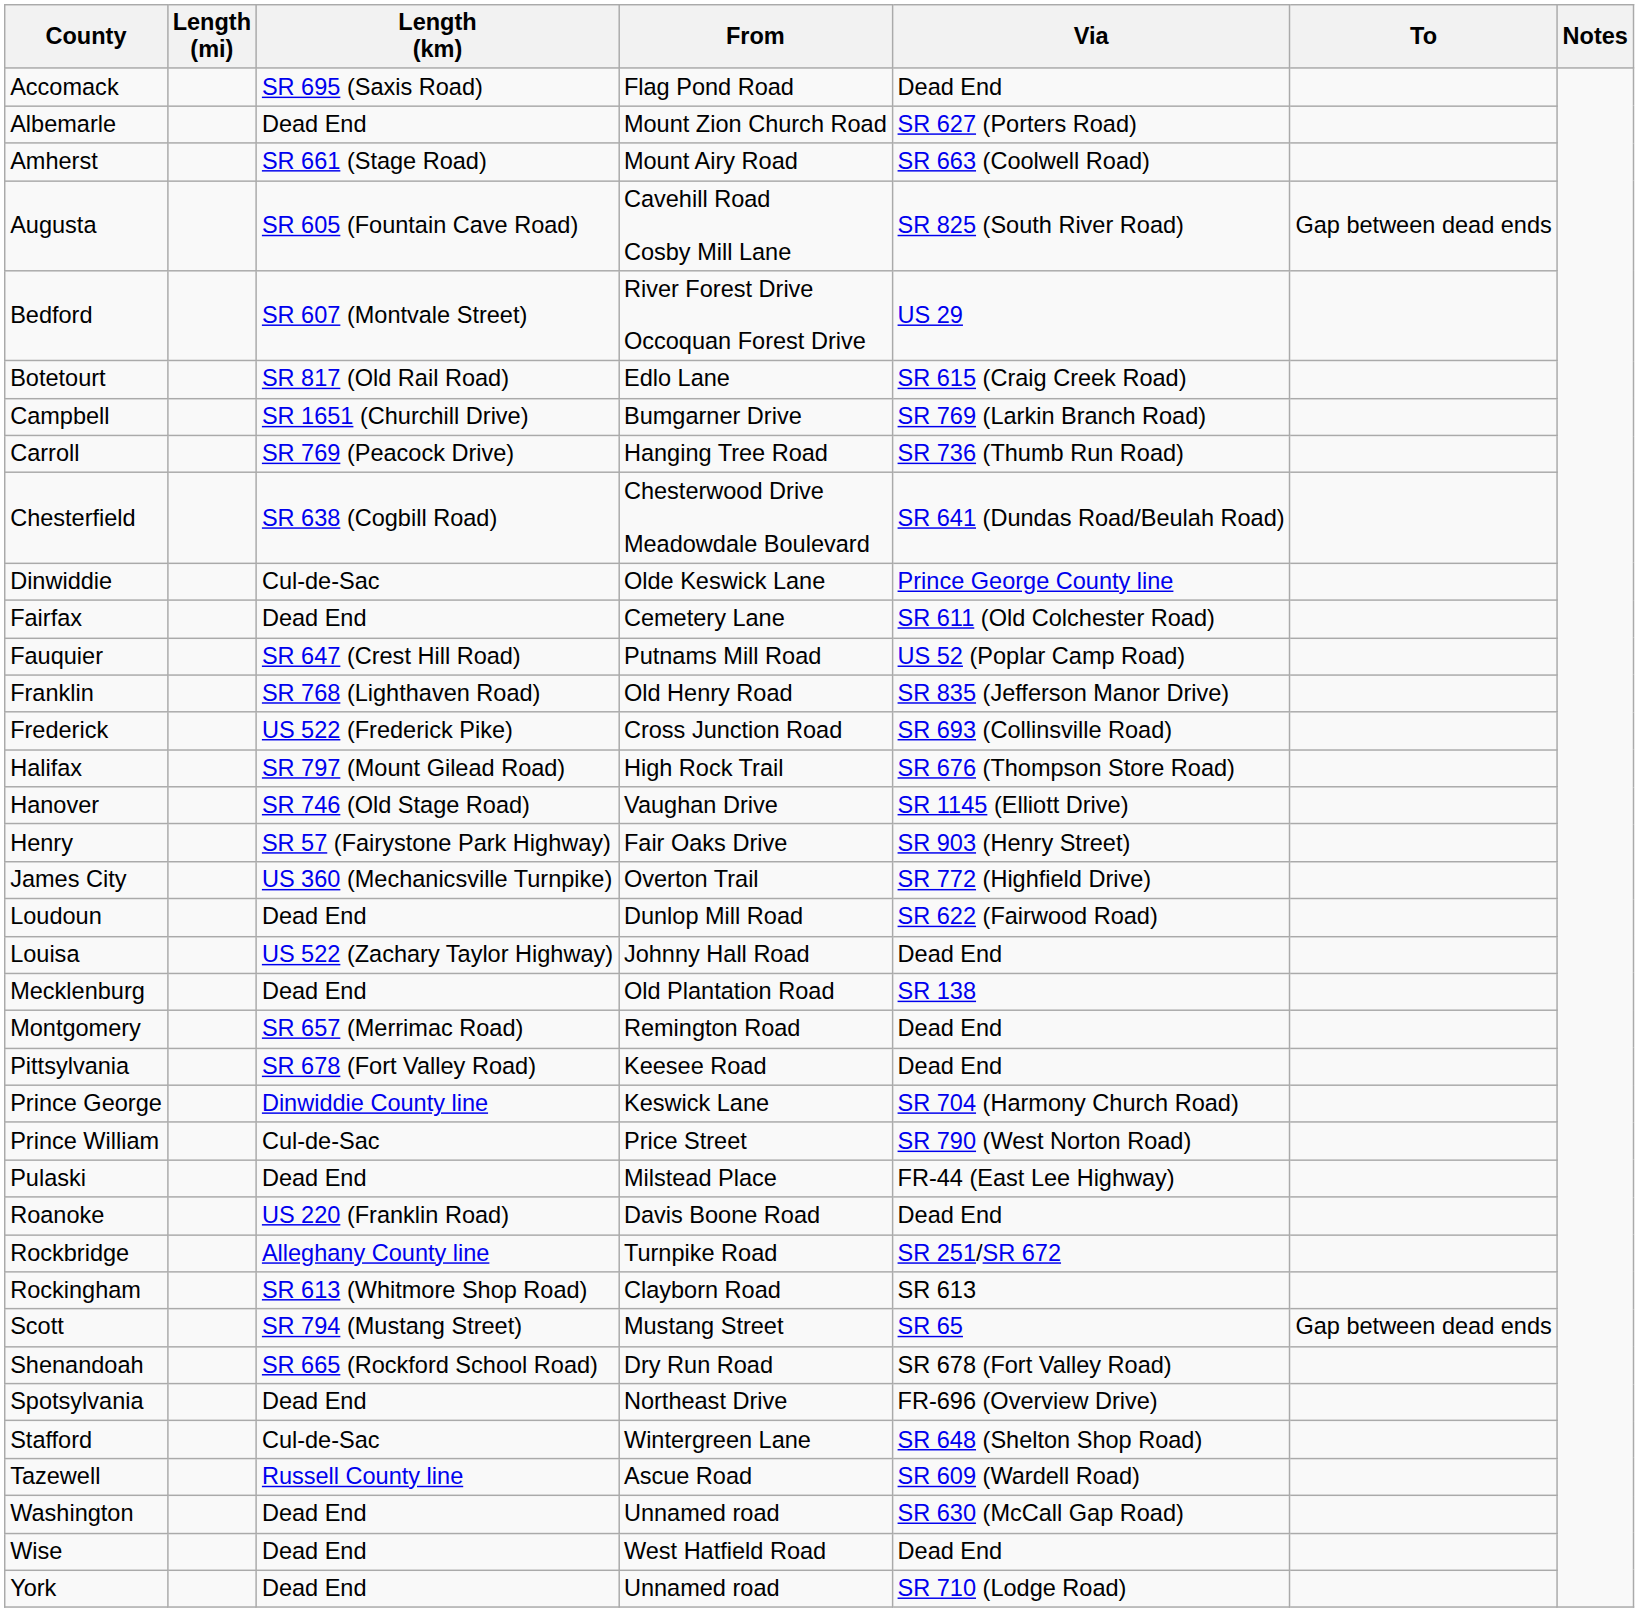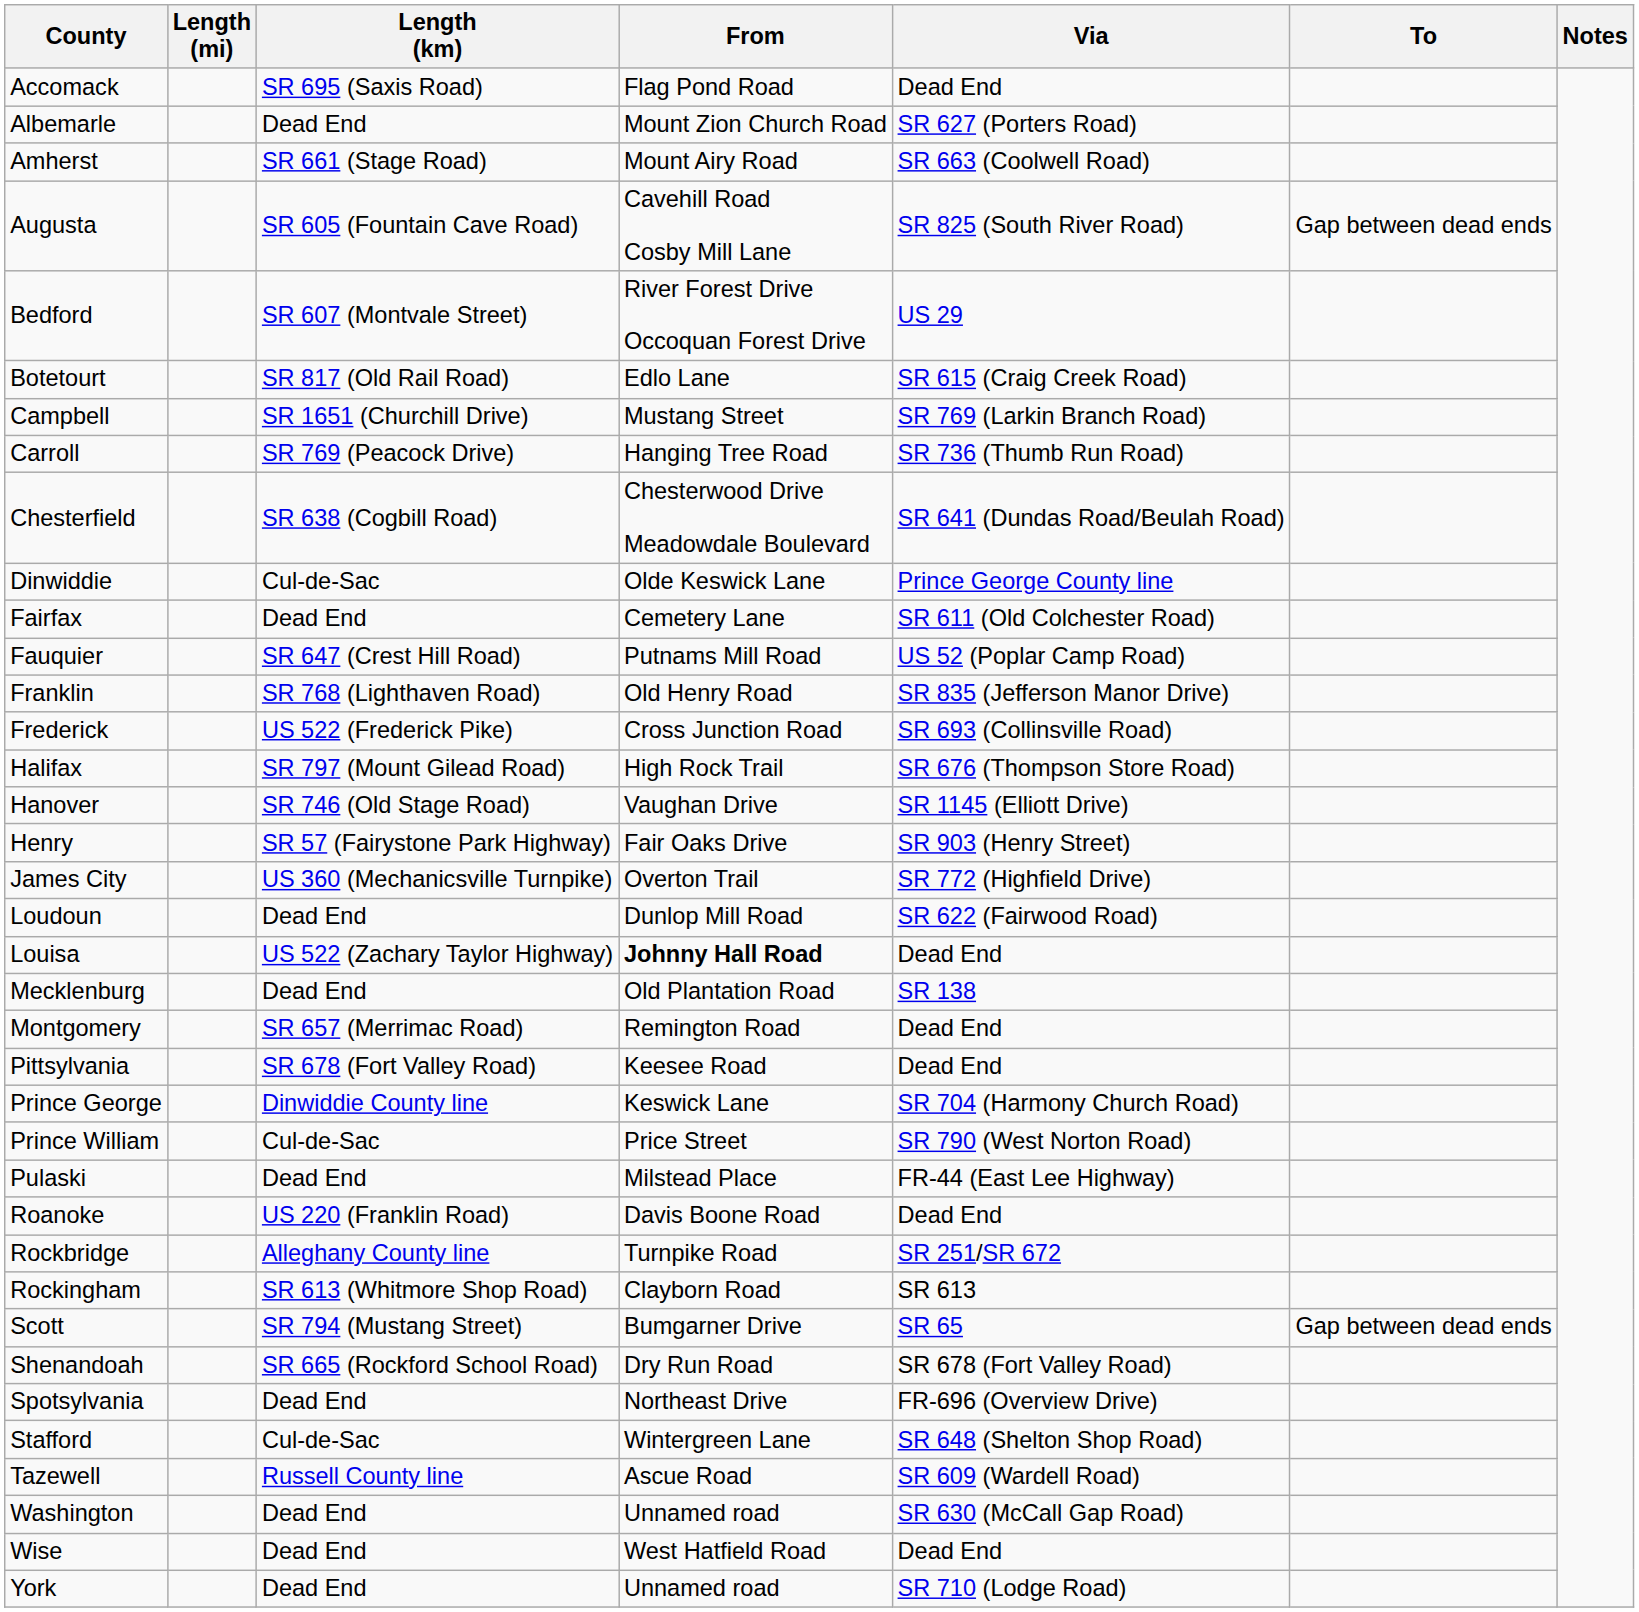 <table class="wikitable sortable">
 <tr>
 <th>County</th>
 <th>Length<br>(mi)</th>
 <th>Length<br>(km)</th>
 <th class="unsortable">From</th>
 <th class="unsortable">Via</th>
 <th class="unsortable">To</th>
 <th class="unsortable">Notes</th>
 </tr>
 <tr>
 <td id="Accomack">Accomack</td>
 <td></td>
 <td><a href='#'>SR 695</a> (Saxis Road)</td>
 <td>Flag Pond Road</td>
 <td>Dead End</td>
 <td></td>
 </tr>
 <tr>
 <td id="Albemarle">Albemarle</td>
 <td></td>
 <td>Dead End</td>
 <td>Mount Zion Church Road</td>
 <td><a href='#'>SR 627</a> (Porters Road)</td>
 <td><br> </td>
 </tr>
 <tr>
 <td id="Amherst">Amherst</td>
 <td></td>
 <td><a href='#'>SR 661</a> (Stage Road)</td>
 <td>Mount Airy Road</td>
 <td><a href='#'>SR 663</a> (Coolwell Road)</td>
 <td><br> </td>
 </tr>
 <tr>
 <td id="Augusta">Augusta</td>
 <td></td>
 <td><a href='#'>SR 605</a> (Fountain Cave Road)</td>
 <td>Cavehill Road<br><br>Cosby Mill Lane</td>
 <td><a href='#'>SR 825</a> (South River Road)</td>
 <td>Gap between dead ends<br></td>
 </tr>
 <tr>
 <td id="Bedford">Bedford</td>
 <td></td>
 <td><a href='#'>SR 607</a> (Montvale Street)</td>
 <td>River Forest Drive<br><br>Occoquan Forest Drive</td>
 <td><a href='#'>US 29</a></td>
 <td><br></td>
 </tr>
 <tr>
 <td id="Botetourt">Botetourt</td>
 <td></td>
 <td><a href='#'>SR 817</a> (Old Rail Road)</td>
 <td>Edlo Lane</td>
 <td><a href='#'>SR 615</a> (Craig Creek Road)</td>
 <td><br>  </td>
 </tr>
 <tr>
 <td id="Campbell">Campbell</td>
 <td></td>
 <td><a href='#'>SR 1651</a> (Churchill Drive)</td>
-<td>Bumgarner Drive</td>
+<td>Mustang Street</td>
 <td><a href='#'>SR 769</a> (Larkin Branch Road)</td>
 <td><br></td>
 </tr>
 <tr>
 <td id="Carroll">Carroll</td>
 <td></td>
 <td><a href='#'>SR 769</a> (Peacock Drive)</td>
 <td>Hanging Tree Road</td>
 <td><a href='#'>SR 736</a> (Thumb Run Road)</td>
 <td><br> </td>
 </tr>
 <tr>
 <td id="Chesterfield">Chesterfield</td>
 <td></td>
 <td><a href='#'>SR 638</a> (Cogbill Road)</td>
 <td>Chesterwood Drive<br><br>Meadowdale Boulevard</td>
 <td><a href='#'>SR 641</a> (Dundas Road/Beulah Road)</td>
 <td><br>    </td>
 </tr>
 <tr>
 <td id="Dinwiddie">Dinwiddie</td>
 <td></td>
 <td>Cul-de-Sac</td>
 <td>Olde Keswick Lane</td>
 <td><a href='#'>Prince George County line</a></td>
 <td><br></td>
 </tr>
 <tr>
 <td id="Fairfax">Fairfax</td>
 <td></td>
 <td>Dead End</td>
 <td>Cemetery Lane</td>
 <td><a href='#'>SR 611</a> (Old Colchester Road)</td>
 <td></td>
 </tr>
 <tr>
 <td id="Fauquier">Fauquier</td>
 <td></td>
 <td><a href='#'>SR 647</a> (Crest Hill Road)</td>
 <td>Putnams Mill Road</td>
 <td><a href='#'>US 52</a> (Poplar Camp Road)</td>
 <td><br> </td>
 </tr>
 <tr>
 <td id="Franklin">Franklin</td>
 <td></td>
 <td><a href='#'>SR 768</a> (Lighthaven Road)</td>
 <td>Old Henry Road</td>
 <td><a href='#'>SR 835</a> (Jefferson Manor Drive)</td>
 <td></td>
 </tr>
 <tr>
 <td id="Frederick">Frederick</td>
 <td></td>
 <td><a href='#'>US 522</a> (Frederick Pike)</td>
 <td>Cross Junction Road</td>
 <td><a href='#'>SR 693</a> (Collinsville Road)</td>
 <td><br>     </td>
 </tr>
 <tr>
 <td id="Halifax">Halifax</td>
 <td></td>
 <td><a href='#'>SR 797</a> (Mount Gilead Road)</td>
 <td>High Rock Trail</td>
 <td><a href='#'>SR 676</a> (Thompson Store Road)</td>
 <td></td>
 </tr>
 <tr>
 <td id="Hanover">Hanover</td>
 <td></td>
 <td><a href='#'>SR 746</a> (Old Stage Road)</td>
 <td>Vaughan Drive</td>
 <td><a href='#'>SR 1145</a> (Elliott Drive)</td>
 <td><br></td>
 </tr>
 <tr>
 <td id="Henry">Henry</td>
 <td></td>
 <td><a href='#'>SR 57</a> (Fairystone Park Highway)</td>
 <td>Fair Oaks Drive</td>
 <td><a href='#'>SR 903</a> (Henry Street)</td>
 <td><br> </td>
 </tr>
 <tr>
 <td id="James City">James City</td>
 <td></td>
 <td><a href='#'>US 360</a> (Mechanicsville Turnpike)</td>
 <td>Overton Trail</td>
 <td><a href='#'>SR 772</a> (Highfield Drive)</td>
 <td><br>    </td>
 </tr>
 <tr>
 <td id="Loudoun">Loudoun</td>
 <td></td>
 <td>Dead End</td>
 <td>Dunlop Mill Road</td>
 <td><a href='#'>SR 622</a> (Fairwood Road)</td>
 <td></td>
 </tr>
 <tr>
 <td id="Louisa">Louisa</td>
 <td></td>
 <td><a href='#'>US 522</a> (Zachary Taylor Highway)</td>
-<td>Johnny Hall Road</td>
+<td><strong>Johnny Hall Road</strong></td>
 <td>Dead End</td>
 <td><br>  </td>
 </tr>
 <tr>
 <td id="Mecklenburg">Mecklenburg</td>
 <td></td>
 <td>Dead End</td>
 <td>Old Plantation Road</td>
 <td><a href='#'>SR 138</a></td>
 <td><br></td>
 </tr>
 <tr>
 <td id="Montgomery">Montgomery</td>
 <td></td>
 <td><a href='#'>SR 657</a> (Merrimac Road)</td>
 <td>Remington Road</td>
 <td>Dead End</td>
 <td><br>       </td>
 </tr>
 <tr>
 <td id="Pittsylvania">Pittsylvania</td>
 <td></td>
 <td><a href='#'>SR 678</a> (Fort Valley Road)</td>
 <td>Keesee Road</td>
 <td>Dead End</td>
 <td><br> </td>
 </tr>
 <tr>
 <td id="Prince George">Prince George</td>
 <td></td>
 <td><a href='#'>Dinwiddie County line</a></td>
 <td>Keswick Lane</td>
 <td><a href='#'>SR 704</a> (Harmony Church Road)</td>
 <td></td>
 </tr>
 <tr>
 <td id="Prince William">Prince William</td>
 <td></td>
 <td>Cul-de-Sac</td>
 <td>Price Street</td>
 <td><a href='#'>SR 790</a> (West Norton Road)</td>
 <td></td>
 </tr>
 <tr>
 <td id="Pulaski">Pulaski</td>
 <td></td>
 <td>Dead End</td>
 <td>Milstead Place</td>
 <td>FR-44 (East Lee Highway)</td>
 <td><br> </td>
 </tr>
 <tr>
 <td id="Roanoke">Roanoke</td>
 <td></td>
 <td><a href='#'>US 220</a> (Franklin Road)</td>
 <td>Davis Boone Road</td>
 <td>Dead End</td>
 <td></td>
 </tr>
 <tr>
 <td id="Rockbridge">Rockbridge</td>
 <td></td>
 <td><a href='#'>Alleghany County line</a></td>
 <td>Turnpike Road</td>
 <td><a href='#'>SR 251</a>/<a href='#'>SR 672</a></td>
 <td></td>
 </tr>
 <tr>
 <td id="Rockingham">Rockingham</td>
 <td></td>
 <td><a href='#'>SR 613</a> (Whitmore Shop Road)</td>
 <td>Clayborn Road</td>
 <td>SR 613</td>
 <td><br></td>
 </tr>
 <tr>
 <td id="Scott">Scott</td>
 <td></td>
 <td><a href='#'>SR 794</a> (Mustang Street)</td>
-<td>Mustang Street</td>
+<td>Bumgarner Drive</td>
 <td><a href='#'>SR 65</a></td>
 <td>Gap between dead ends</td>
 </tr>
 <tr>
 <td id="Shenandoah">Shenandoah</td>
 <td></td>
 <td><a href='#'>SR 665</a> (Rockford School Road)</td>
 <td>Dry Run Road</td>
 <td>SR 678 (Fort Valley Road)</td>
 <td><br> </td>
 </tr>
 <tr>
 <td id="Spotsylvania">Spotsylvania</td>
 <td></td>
 <td>Dead End</td>
 <td>Northeast Drive</td>
 <td>FR-696 (Overview Drive)</td>
 <td></td>
 </tr>
 <tr>
 <td id="Stafford">Stafford</td>
 <td></td>
 <td>Cul-de-Sac</td>
 <td>Wintergreen Lane</td>
 <td><a href='#'>SR 648</a> (Shelton Shop Road)</td>
 <td><br> </td>
 </tr>
 <tr>
 <td id="Tazewell">Tazewell</td>
 <td></td>
 <td><a href='#'>Russell County line</a></td>
 <td>Ascue Road</td>
 <td><a href='#'>SR 609</a> (Wardell Road)</td>
 <td><br></td>
 </tr>
 <tr>
 <td id="Washington">Washington</td>
 <td></td>
 <td>Dead End</td>
 <td>Unnamed road</td>
 <td><a href='#'>SR 630</a> (McCall Gap Road)</td>
 <td><br></td>
 </tr>
 <tr>
 <td id="Wise">Wise</td>
 <td></td>
 <td>Dead End</td>
 <td>West Hatfield Road</td>
 <td>Dead End</td>
 <td><br></td>
 </tr>
 <tr>
 <td id="York">York</td>
 <td></td>
 <td>Dead End</td>
 <td>Unnamed road</td>
 <td><a href='#'>SR 710</a> (Lodge Road)</td>
 <td></td>
 </tr>
 </table>
